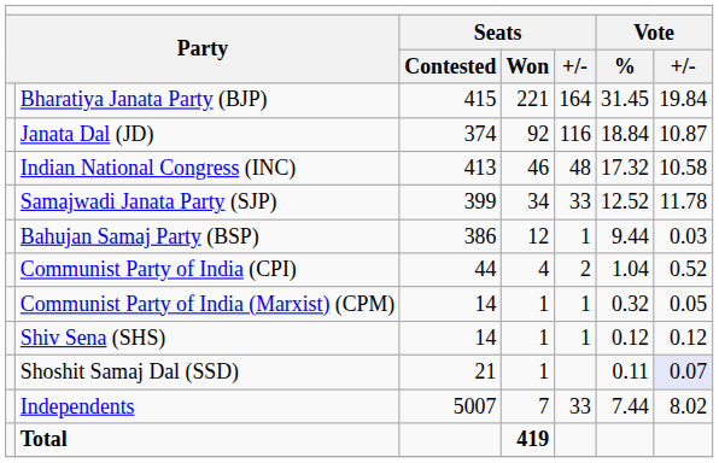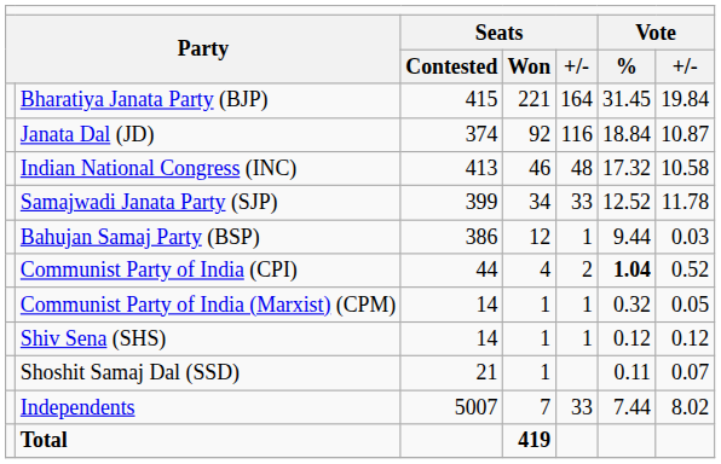 <table class="wikitable" style="text-align:right">
 <tr>
 <td colspan="7"></td>
 </tr>
 <tr>
 <th colspan="2" rowspan="2">Party</th>
 <th colspan="3">Seats</th>
 <th colspan="2">Vote</th>
 </tr>
 <tr>
 <th>Contested</th>
 <th>Won</th>
 <th>+/-</th>
 <th>%</th>
 <th>+/-</th>
 </tr>
 <tr>
 <td style="background-color:"></td>
 <td align="left"><a href='#'>Bharatiya Janata Party</a> (BJP)</td>
 <td>415</td>
 <td>221</td>
 <td>164</td>
 <td>31.45</td>
 <td>19.84</td>
 </tr>
 <tr>
 <td style="background-color:"></td>
 <td align="left"><a href='#'>Janata Dal</a> (JD)</td>
 <td>374</td>
 <td>92</td>
 <td>116</td>
 <td>18.84</td>
 <td>10.87</td>
 </tr>
 <tr>
 <td style="background-color:"></td>
 <td align="left"><a href='#'>Indian National Congress</a> (INC)</td>
 <td>413</td>
 <td>46</td>
 <td>48</td>
 <td>17.32</td>
 <td>10.58</td>
 </tr>
 <tr>
 <td style="background-color:"></td>
 <td align="left"><a href='#'>Samajwadi  Janata Party</a> (SJP)</td>
 <td>399</td>
 <td>34</td>
 <td>33</td>
 <td>12.52</td>
 <td>11.78</td>
 </tr>
 <tr>
 <td style="background-color:"></td>
 <td align="left"><a href='#'>Bahujan Samaj Party</a> (BSP)</td>
 <td>386</td>
 <td>12</td>
 <td>1</td>
 <td>9.44</td>
 <td>0.03</td>
 </tr>
 <tr>
 <td style="background-color:"></td>
 <td align="left"><a href='#'>Communist Party of India</a> (CPI)</td>
 <td>44</td>
 <td>4</td>
 <td>2</td>
-<td>1.04</td>
+<td><strong>1.04</strong></td>
 <td>0.52</td>
 </tr>
 <tr>
 <td style="background-color:"></td>
 <td align="left"><a href='#'>Communist Party of India (Marxist)</a> (CPM)</td>
 <td>14</td>
 <td>1</td>
 <td>1</td>
 <td>0.32</td>
 <td>0.05</td>
 </tr>
 <tr>
 <td style="background-color:"></td>
 <td align="left"><a href='#'>Shiv Sena</a> (SHS)</td>
 <td>14</td>
 <td>1</td>
 <td>1</td>
 <td>0.12</td>
 <td>0.12</td>
 </tr>
 <tr>
 <td style="background-color:"></td>
 <td align="left">Shoshit Samaj Dal (SSD)</td>
 <td>21</td>
 <td>1</td>
 <td></td>
 <td>0.11</td>
-<td style="background: lavender;">0.07</td>
+<td>0.07</td>
 </tr>
 <tr>
 <td style="background-color:"></td>
 <td align="left"><a href='#'>Independents</a></td>
 <td>5007</td>
 <td>7</td>
 <td>33</td>
 <td>7.44</td>
 <td>8.02</td>
 </tr>
 <tr class="sortbottom">
 <td></td>
 <td align="left"><strong>Total</strong></td>
 <td></td>
 <td><strong>419</strong></td>
 <td></td>
 <td></td>
 <td></td>
 </tr>
 <tr>
 </tr>
 </table>
